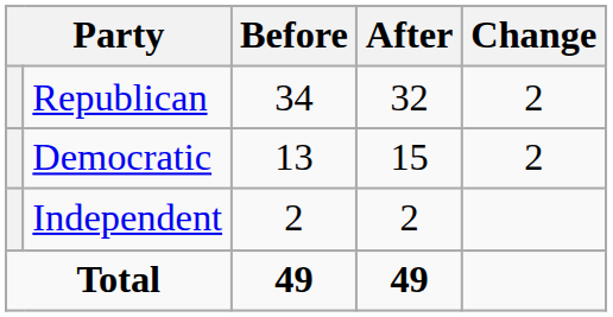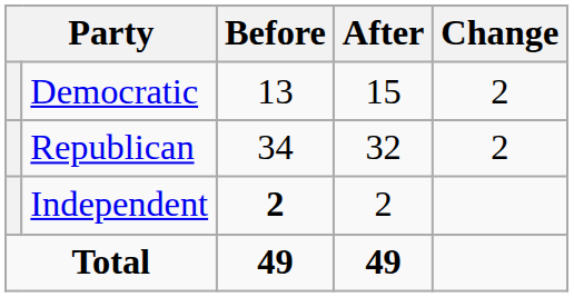 <table class="wikitable" style="text-align:center;">
 <tr>
 <th colspan="2">Party</th>
 <th>Before</th>
 <th>After</th>
 <th>Change</th>
+</tr>
+<tr>
+<th style="background-color:"></th>
+<td style="text-align:left;"><a href='#'>Democratic</a></td>
+<td>13</td>
+<td>15</td>
+<td> 2</td>
 </tr>
 <tr>
 <th style="background-color:"></th>
 <td style="text-align:left;"><a href='#'>Republican</a></td>
 <td>34</td>
 <td>32</td>
 <td> 2</td>
 </tr>
 <tr>
 <th style="background-color:"></th>
-<td style="text-align:left;"><a href='#'>Democratic</a></td>
-<td>13</td>
-<td>15</td>
-<td> 2</td>
-</tr>
-<tr>
-<th style="background-color:"></th>
 <td style="text-align:left;"><a href='#'>Independent</a></td>
-<td>2</td>
+<td><strong>2</strong></td>
 <td>2</td>
 <td></td>
 </tr>
 <tr>
 <td colspan="2"><strong>Total</strong></td>
 <td><strong>49</strong></td>
 <td><strong>49</strong></td>
 <td></td>
 </tr>
 </table>
